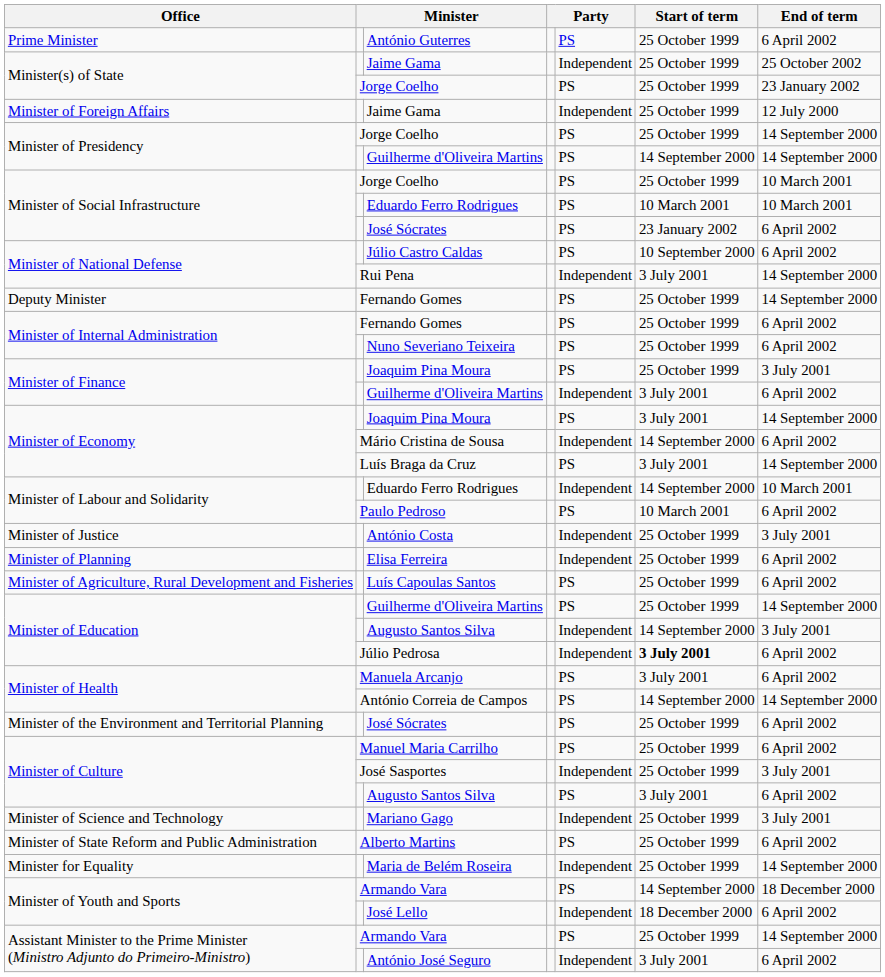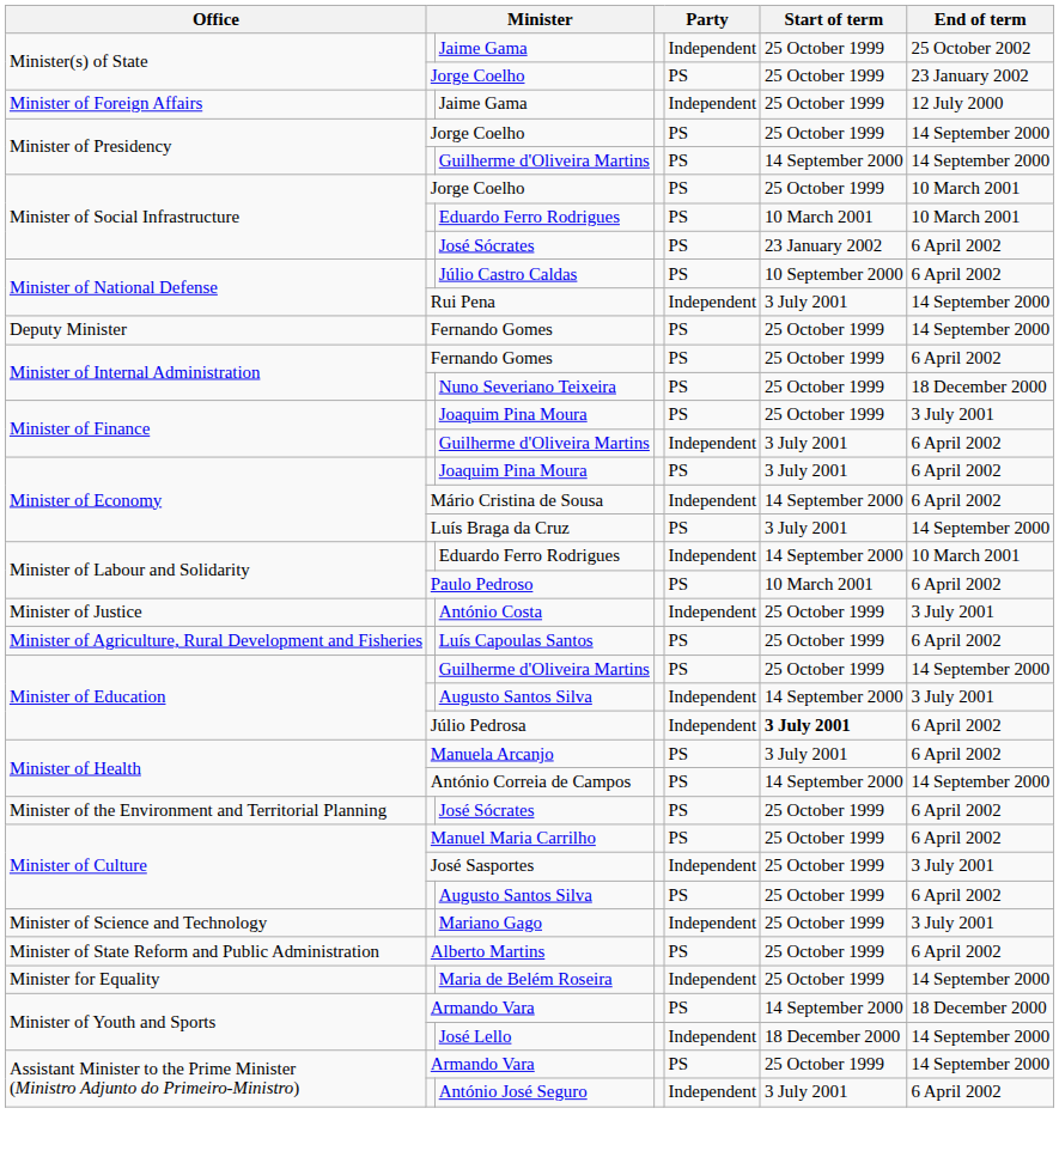 <table class="wikitable">
 <tr>
 <th>Office</th>
 <th colspan="2">Minister</th>
 <th colspan="2">Party</th>
 <th>Start of term</th>
 <th>End of term</th>
-</tr>
-<tr>
-<td><a href='#'>Prime Minister</a></td>
-<td></td>
-<td><a href='#'>António Guterres</a></td>
-<td style="background:"></td>
-<td><a href='#'>PS</a></td>
-<td>25 October 1999</td>
-<td>6 April 2002</td>
 </tr>
 <tr>
 <td rowspan="2">Minister(s) of State</td>
 <td></td>
 <td><a href='#'>Jaime Gama</a></td>
 <td style="background:"></td>
 <td>Independent</td>
 <td>25 October 1999</td>
 <td>25 October 2002</td>
 </tr>
 <tr>
 <td colspan="2"><a href='#'>Jorge Coelho</a></td>
 <td style="background:"></td>
 <td>PS</td>
 <td>25 October 1999</td>
 <td>23 January 2002</td>
 </tr>
 <tr>
 <td><a href='#'>Minister of Foreign Affairs</a></td>
 <td></td>
 <td>Jaime Gama</td>
 <td style="background:"></td>
 <td>Independent</td>
 <td>25 October 1999</td>
 <td>12 July 2000</td>
 </tr>
 <tr>
 <td rowspan="2">Minister of Presidency</td>
 <td colspan="2">Jorge Coelho</td>
 <td style="background:"></td>
 <td>PS</td>
 <td>25 October 1999</td>
 <td>14 September 2000</td>
 </tr>
 <tr>
 <td></td>
 <td><a href='#'>Guilherme d'Oliveira Martins</a></td>
 <td style="background:"></td>
 <td>PS</td>
 <td>14 September 2000</td>
 <td>14 September 2000</td>
 </tr>
 <tr>
 <td rowspan="3">Minister of Social Infrastructure</td>
 <td colspan="2">Jorge Coelho</td>
 <td width="2px" style="background:"><br></td>
 <td>PS</td>
 <td>25 October 1999</td>
 <td>10 March 2001</td>
 </tr>
 <tr>
 <td></td>
 <td><a href='#'>Eduardo Ferro Rodrigues</a></td>
 <td width="2px" style="background:"><br></td>
 <td>PS</td>
 <td>10 March 2001</td>
 <td>10 March 2001</td>
 </tr>
 <tr>
 <td></td>
 <td><a href='#'>José Sócrates</a></td>
 <td width="2px" style="background:"><br></td>
 <td>PS</td>
 <td>23 January 2002</td>
 <td>6 April 2002</td>
 </tr>
 <tr>
 <td rowspan="2"><a href='#'>Minister of National Defense</a></td>
 <td></td>
 <td><a href='#'>Júlio Castro Caldas</a></td>
 <td style="background:"></td>
 <td>PS</td>
 <td>10 September 2000</td>
 <td>6 April 2002</td>
 </tr>
 <tr>
 <td colspan="2">Rui Pena</td>
 <td style="background:"></td>
 <td>Independent</td>
 <td>3 July 2001</td>
 <td>14 September 2000</td>
 </tr>
 <tr>
 <td>Deputy Minister</td>
 <td colspan="2">Fernando Gomes</td>
 <td style="background:"></td>
 <td>PS</td>
 <td>25 October 1999</td>
 <td>14 September 2000</td>
 </tr>
 <tr>
 <td rowspan="2"><a href='#'>Minister of Internal Administration</a></td>
 <td colspan="2">Fernando Gomes</td>
 <td style="background:"></td>
 <td>PS</td>
 <td>25 October 1999</td>
 <td>6 April 2002</td>
 </tr>
 <tr>
 <td></td>
 <td><a href='#'>Nuno Severiano Teixeira</a></td>
 <td style="background:"></td>
 <td>PS</td>
 <td>25 October 1999</td>
-<td>6 April 2002</td>
+<td>18 December 2000</td>
 </tr>
 <tr>
 <td rowspan="2"><a href='#'>Minister of Finance</a></td>
 <td></td>
 <td><a href='#'>Joaquim Pina Moura</a></td>
 <td style="background:"></td>
 <td>PS</td>
 <td>25 October 1999</td>
 <td>3 July 2001</td>
 </tr>
 <tr>
 <td></td>
 <td><a href='#'>Guilherme d'Oliveira Martins</a></td>
 <td style="background:"></td>
 <td>Independent</td>
 <td>3 July 2001</td>
 <td>6 April 2002</td>
 </tr>
 <tr>
 <td rowspan="3"><a href='#'>Minister of Economy</a></td>
 <td></td>
 <td><a href='#'>Joaquim Pina Moura</a></td>
 <td style="background:"></td>
 <td>PS</td>
 <td>3 July 2001</td>
-<td>14 September 2000</td>
+<td>6 April 2002</td>
 </tr>
 <tr>
 <td colspan="2">Mário Cristina de Sousa</td>
 <td style="background:"></td>
 <td>Independent</td>
 <td>14 September 2000</td>
 <td>6 April 2002</td>
 </tr>
 <tr>
 <td colspan="2">Luís Braga da Cruz</td>
 <td style="background:"></td>
 <td>PS</td>
 <td>3 July 2001</td>
 <td>14 September 2000</td>
 </tr>
 <tr>
 <td rowspan="2">Minister of Labour and Solidarity</td>
 <td></td>
 <td>Eduardo Ferro Rodrigues</td>
 <td style="background:"></td>
 <td>Independent</td>
 <td>14 September 2000</td>
 <td>10 March 2001</td>
 </tr>
 <tr>
 <td colspan="2"><a href='#'>Paulo Pedroso</a></td>
 <td style="background:"></td>
 <td>PS</td>
 <td>10 March 2001</td>
 <td>6 April 2002</td>
 </tr>
 <tr>
 <td>Minister of Justice</td>
 <td></td>
 <td><a href='#'>António Costa</a></td>
 <td style="background:"></td>
 <td>Independent</td>
 <td>25 October 1999</td>
 <td>3 July 2001</td>
-</tr>
-<tr>
-<td><a href='#'>Minister of Planning</a></td>
-<td></td>
-<td><a href='#'>Elisa Ferreira</a></td>
-<td style="background:"></td>
-<td>Independent</td>
-<td>25 October 1999</td>
-<td>6 April 2002</td>
 </tr>
 <tr>
 <td><a href='#'>Minister of Agriculture, Rural Development and Fisheries</a></td>
 <td></td>
 <td><a href='#'>Luís Capoulas Santos</a></td>
 <td style="background:"></td>
 <td>PS</td>
 <td>25 October 1999</td>
 <td>6 April 2002</td>
 </tr>
 <tr>
 <td rowspan="3"><a href='#'>Minister of Education</a></td>
 <td></td>
 <td><a href='#'>Guilherme d'Oliveira Martins</a></td>
 <td style="background:"></td>
 <td>PS</td>
 <td>25 October 1999</td>
 <td>14 September 2000</td>
 </tr>
 <tr>
 <td></td>
 <td><a href='#'>Augusto Santos Silva</a></td>
 <td style="background:"></td>
 <td>Independent</td>
 <td>14 September 2000</td>
 <td>3 July 2001</td>
 </tr>
 <tr>
 <td colspan="2">Júlio Pedrosa</td>
 <td style="background:"></td>
 <td>Independent</td>
 <td><strong>3 July 2001</strong></td>
 <td>6 April 2002</td>
 </tr>
 <tr>
 <td rowspan="2"><a href='#'>Minister of Health</a></td>
 <td colspan="2"><a href='#'>Manuela Arcanjo</a></td>
 <td style="background:"></td>
 <td>PS</td>
 <td>3 July 2001</td>
 <td>6 April 2002</td>
 </tr>
 <tr>
 <td colspan="2">António Correia de Campos</td>
 <td style="background:"></td>
 <td>PS</td>
 <td>14 September 2000</td>
 <td>14 September 2000</td>
 </tr>
 <tr>
 <td>Minister of the Environment and Territorial Planning</td>
 <td></td>
 <td><a href='#'>José Sócrates</a></td>
 <td style="background:"></td>
 <td>PS</td>
 <td>25 October 1999</td>
 <td>6 April 2002</td>
 </tr>
 <tr>
 <td rowspan="3"><a href='#'>Minister of Culture</a></td>
 <td colspan="2"><a href='#'>Manuel Maria Carrilho</a></td>
 <td style="background:"></td>
 <td>PS</td>
 <td>25 October 1999</td>
 <td>6 April 2002</td>
 </tr>
 <tr>
 <td colspan="2">José Sasportes</td>
 <td style="background:"></td>
 <td>Independent</td>
 <td>25 October 1999</td>
 <td>3 July 2001</td>
 </tr>
 <tr>
 <td></td>
 <td><a href='#'>Augusto Santos Silva</a></td>
 <td style="background:"></td>
 <td>PS</td>
-<td>3 July 2001</td>
+<td>25 October 1999</td>
 <td>6 April 2002</td>
 </tr>
 <tr>
 <td>Minister of Science and Technology</td>
 <td></td>
 <td><a href='#'>Mariano Gago</a></td>
 <td style="background:"></td>
 <td>Independent</td>
 <td>25 October 1999</td>
 <td>3 July 2001</td>
 </tr>
 <tr>
 <td>Minister of State Reform and Public Administration</td>
 <td colspan="2"><a href='#'>Alberto Martins</a></td>
 <td style="background:"></td>
 <td>PS</td>
 <td>25 October 1999</td>
 <td>6 April 2002</td>
 </tr>
 <tr>
 <td>Minister for Equality</td>
 <td></td>
 <td><a href='#'>Maria de Belém Roseira</a></td>
 <td width="2px" style="background:"><br></td>
 <td>Independent</td>
 <td>25 October 1999</td>
 <td>14 September 2000</td>
 </tr>
 <tr>
 <td rowspan="2">Minister of Youth and Sports</td>
 <td colspan="2"><a href='#'>Armando Vara</a></td>
 <td style="background:"></td>
 <td>PS</td>
 <td>14 September 2000</td>
 <td>18 December 2000</td>
 </tr>
 <tr>
 <td></td>
 <td><a href='#'>José Lello</a></td>
 <td style="background:"></td>
 <td>Independent</td>
 <td>18 December 2000</td>
-<td>6 April 2002</td>
+<td>14 September 2000</td>
 </tr>
 <tr>
 <td rowspan="2">Assistant Minister to the Prime Minister<br>(<em>Ministro Adjunto do Primeiro-Ministro</em>)</td>
 <td colspan="2"><a href='#'>Armando Vara</a></td>
 <td style="background:"></td>
 <td>PS</td>
 <td>25 October 1999</td>
 <td>14 September 2000</td>
 </tr>
 <tr>
 <td></td>
 <td><a href='#'>António José Seguro</a></td>
 <td style="background:"></td>
 <td>Independent</td>
 <td>3 July 2001</td>
 <td>6 April 2002</td>
 </tr>
 </table>
